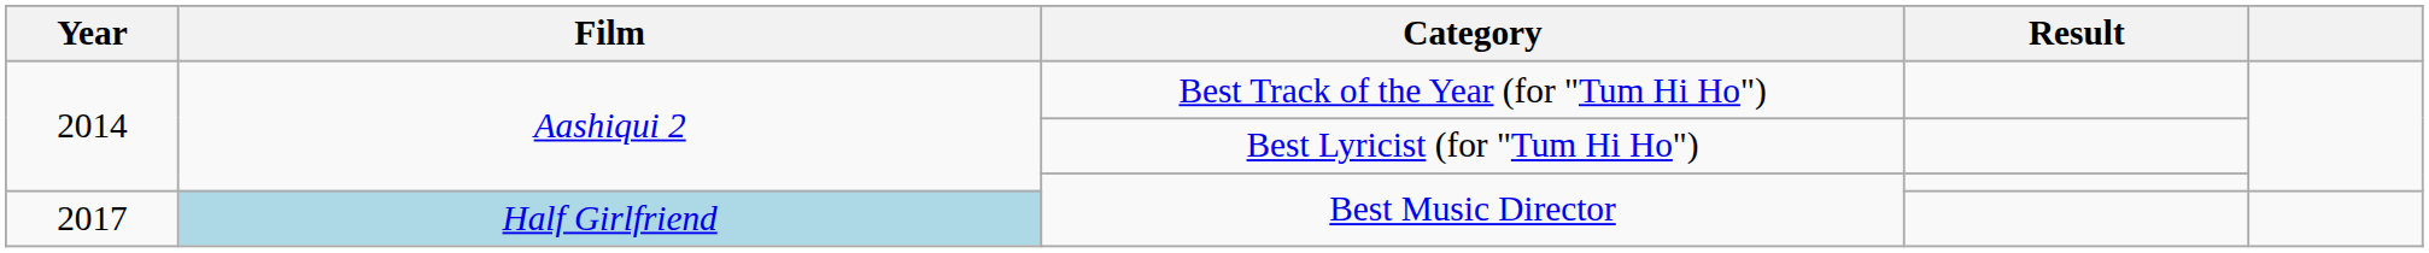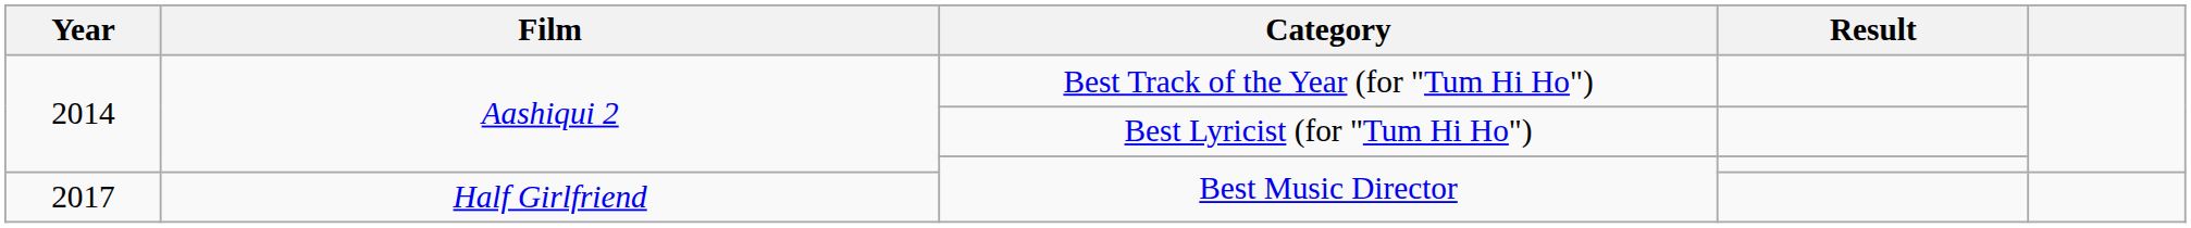 <table class="wikitable sortable">
 <tr>
 <th style="width:5%;">Year</th>
 <th style="width:25%;">Film</th>
 <th style="width:25%;">Category</th>
 <th style="width:10%;">Result</th>
 <th style="width:5%;"></th>
 </tr>
 <tr>
 <td style="text-align:center;" rowspan="3">2014</td>
 <td style="text-align:center;" rowspan="3"><em><a href='#'>Aashiqui 2</a></em></td>
 <td style="text-align:center;"><a href='#'>Best Track of the Year</a> (for "<a href='#'>Tum Hi Ho</a>")</td>
 <td></td>
 <td rowspan="3"></td>
 </tr>
 <tr>
 <td style="text-align:center;"><a href='#'>Best Lyricist</a> (for "<a href='#'>Tum Hi Ho</a>")</td>
 <td></td>
 </tr>
 <tr>
 <td rowspan="2" style="text-align:center;"><a href='#'>Best Music Director</a></td>
 <td></td>
 </tr>
 <tr>
 <td style="text-align:center;">2017</td>
-<td style="background: lightblue; text-align:center;"><em><a href='#'>Half Girlfriend</a></em></td>
+<td style="text-align:center;"><em><a href='#'>Half Girlfriend</a></em></td>
 <td></td>
 <td></td>
 </tr>
 </table>
